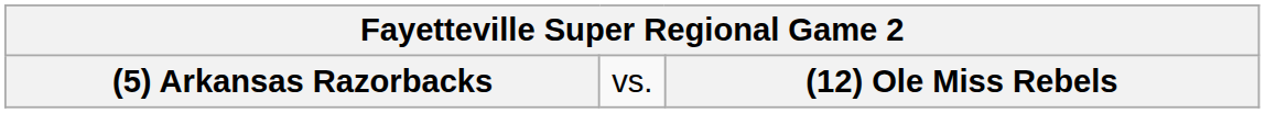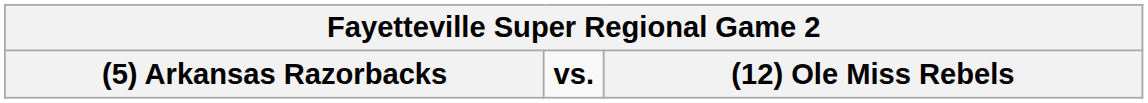 <table class="wikitable">
 <tr>
 <th style="width: 604px;" colspan=3>Fayetteville Super Regional Game 2</th>
 </tr>
 <tr>
 <th style="width: 289px; ">(5) Arkansas Razorbacks</th>
-<td style="width: 25px; text-align:center">vs.</td>
+<td style="width: 25px; text-align:center"><strong>vs.</strong></td>
 <th style="width: 289px; ">(12) Ole Miss Rebels</th>
 </tr>
 </table>
